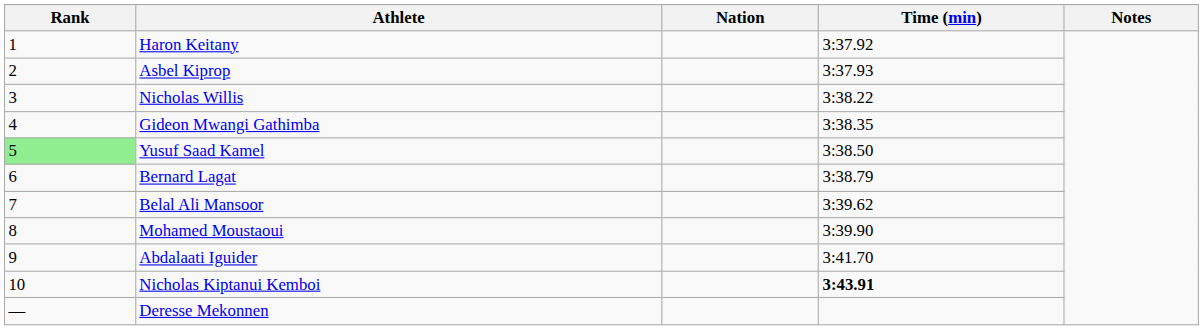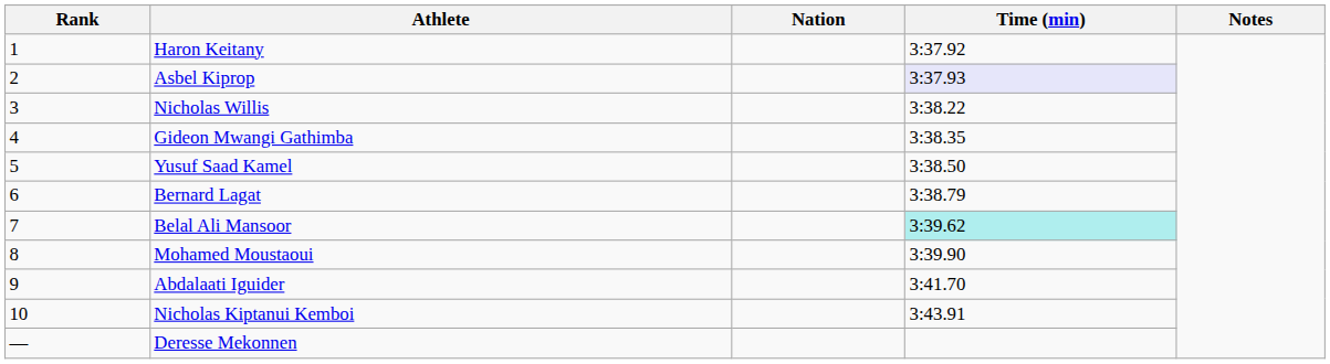 <table class="wikitable" width=90%>
 <tr>
 </tr>
 <tr>
 <th>Rank</th>
 <th>Athlete</th>
 <th>Nation</th>
 <th>Time (<a href='#'>min</a>)</th>
 <th>Notes</th>
 </tr>
 <tr>
 <td>1</td>
 <td><a href='#'>Haron Keitany</a></td>
 <td></td>
 <td>3:37.92</td>
 </tr>
 <tr>
 <td>2</td>
 <td><a href='#'>Asbel Kiprop</a></td>
 <td></td>
-<td>3:37.93</td>
+<td style="background: lavender;">3:37.93</td>
 </tr>
 <tr>
 <td>3</td>
 <td><a href='#'>Nicholas Willis</a></td>
 <td></td>
 <td>3:38.22</td>
 </tr>
 <tr>
 <td>4</td>
 <td><a href='#'>Gideon Mwangi Gathimba</a></td>
 <td></td>
 <td>3:38.35</td>
 </tr>
 <tr>
-<td style="background: lightgreen;">5</td>
+<td>5</td>
 <td><a href='#'>Yusuf Saad Kamel</a></td>
 <td></td>
 <td>3:38.50</td>
 </tr>
 <tr>
 <td>6</td>
 <td><a href='#'>Bernard Lagat</a></td>
 <td></td>
 <td>3:38.79</td>
 </tr>
 <tr>
 <td>7</td>
 <td><a href='#'>Belal Ali Mansoor</a></td>
 <td></td>
-<td>3:39.62</td>
+<td style="background: paleturquoise;">3:39.62</td>
 </tr>
 <tr>
 <td>8</td>
 <td><a href='#'>Mohamed Moustaoui</a></td>
 <td></td>
 <td>3:39.90</td>
 </tr>
 <tr>
 <td>9</td>
 <td><a href='#'>Abdalaati Iguider</a></td>
 <td></td>
 <td>3:41.70</td>
 </tr>
 <tr>
 <td>10</td>
 <td><a href='#'>Nicholas Kiptanui Kemboi</a></td>
 <td></td>
-<td><strong>3:43.91</strong></td>
+<td>3:43.91</td>
 </tr>
 <tr>
 <td>—</td>
 <td><a href='#'>Deresse Mekonnen</a></td>
 <td></td>
 <td></td>
 </tr>
 </table>
